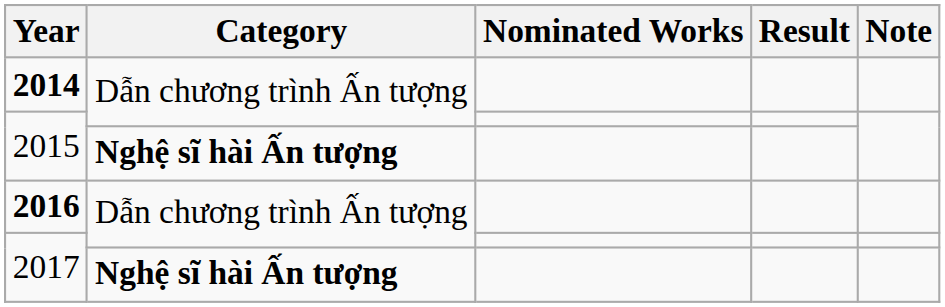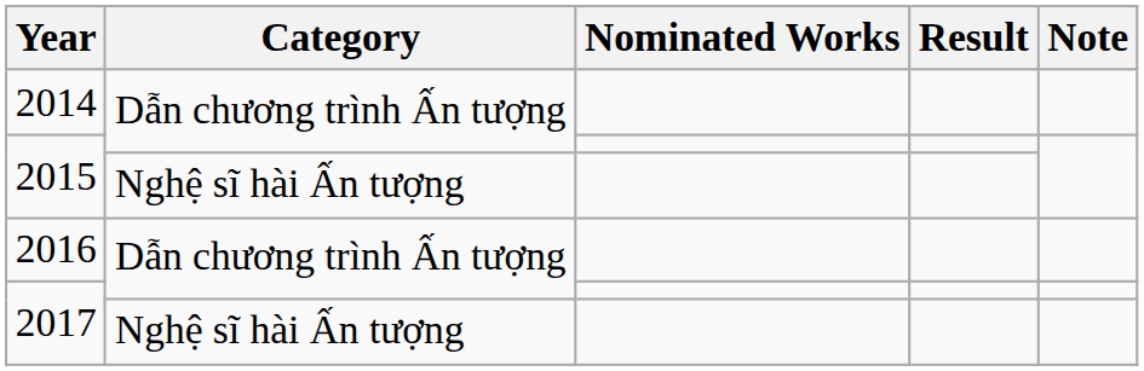 <table class="wikitable">
 <tr>
 <th>Year</th>
 <th>Category</th>
 <th>Nominated Works</th>
 <th>Result</th>
 <th>Note</th>
 </tr>
 <tr>
-<td><strong>2014</strong></td>
+<td>2014</td>
 <td rowspan="2">Dẫn chương trình Ấn tượng</td>
 <td></td>
 <td></td>
 <td></td>
 </tr>
 <tr>
 <td rowspan="2">2015</td>
 <td></td>
 <td></td>
 <td rowspan="2"></td>
 </tr>
 <tr>
-<td><strong>Nghệ sĩ hài Ấn tượng</strong></td>
+<td>Nghệ sĩ hài Ấn tượng</td>
 <td></td>
 <td></td>
 </tr>
 <tr>
-<td><strong>2016</strong></td>
+<td>2016</td>
 <td rowspan="2">Dẫn chương trình Ấn tượng</td>
 <td></td>
 <td></td>
 <td></td>
 </tr>
 <tr>
 <td rowspan="2">2017</td>
 <td></td>
 <td></td>
 <td></td>
 </tr>
 <tr>
-<td><strong>Nghệ sĩ hài Ấn tượng</strong></td>
+<td>Nghệ sĩ hài Ấn tượng</td>
 <td></td>
 <td></td>
 <td></td>
 </tr>
 </table>
